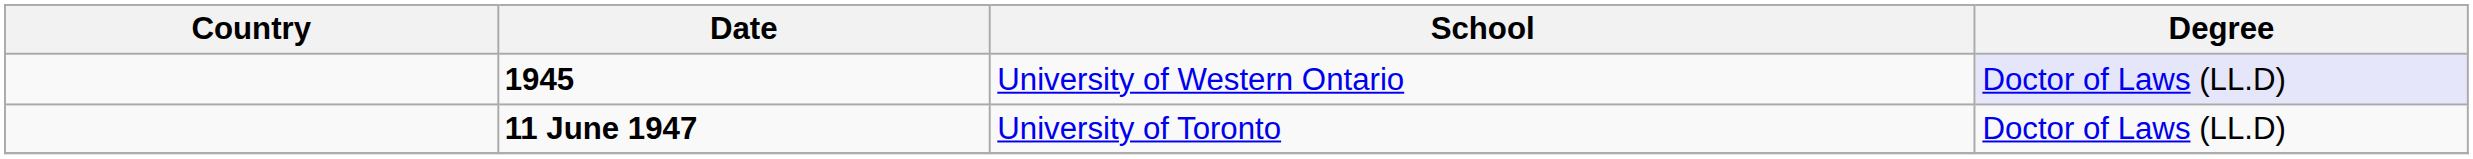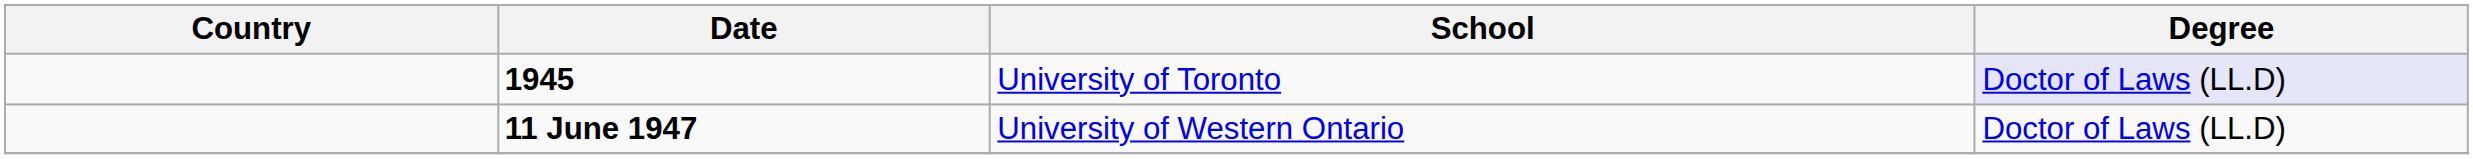 <table class="wikitable" style="width:100%;">
 <tr>
 <th style="width:20%;">Country</th>
 <th style="width:20%;">Date</th>
 <th style="width:40%;">School</th>
 <th style="width:20%;">Degree</th>
 </tr>
 <tr>
 <td></td>
 <td><strong>1945</strong></td>
-<td><a href='#'>University of Western Ontario</a></td>
+<td><a href='#'>University of Toronto</a></td>
 <td style="background: lavender;"><a href='#'>Doctor of Laws</a> (LL.D)  </td>
 </tr>
 <tr>
 <td></td>
 <td><strong>11 June 1947</strong></td>
-<td><a href='#'>University of Toronto</a></td>
+<td><a href='#'>University of Western Ontario</a></td>
 <td><a href='#'>Doctor of Laws</a> (LL.D)  </td>
 </tr>
 <tr>
 </tr>
 </table>
